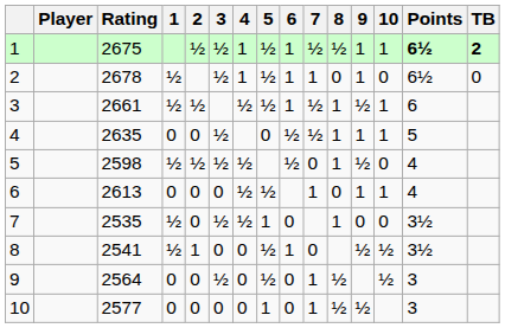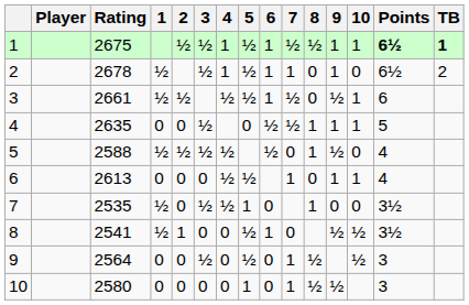 <table class=wikitable>
 <tr>
 <th></th>
 <th>Player</th>
 <th>Rating</th>
 <th>1</th>
 <th>2</th>
 <th>3</th>
 <th>4</th>
 <th>5</th>
 <th>6</th>
 <th>7</th>
 <th>8</th>
 <th>9</th>
 <th>10</th>
 <th>Points</th>
 <th>TB</th>
 </tr>
 <tr style="background:#ccffcc">
 <td>1</td>
 <td><strong></strong></td>
 <td>2675</td>
 <td></td>
 <td>½</td>
 <td>½</td>
 <td>1</td>
 <td>½</td>
 <td>1</td>
 <td>½</td>
 <td>½</td>
 <td>1</td>
 <td>1</td>
 <td><strong>6½</strong></td>
-<td><strong>2</strong></td>
+<td><strong>1</strong></td>
 </tr>
 <tr>
 <td>2</td>
 <td></td>
 <td>2678</td>
 <td>½</td>
 <td></td>
 <td>½</td>
 <td>1</td>
 <td>½</td>
 <td>1</td>
 <td>1</td>
 <td>0</td>
 <td>1</td>
 <td>0</td>
 <td>6½</td>
-<td>0</td>
+<td>2</td>
 </tr>
 <tr>
 <td>3</td>
 <td></td>
 <td>2661</td>
 <td>½</td>
 <td>½</td>
 <td></td>
 <td>½</td>
 <td>½</td>
 <td>1</td>
 <td>½</td>
-<td>1</td>
+<td>0</td>
 <td>½</td>
 <td>1</td>
 <td>6</td>
 <td></td>
 </tr>
 <tr>
 <td>4</td>
 <td></td>
 <td>2635</td>
 <td>0</td>
 <td>0</td>
 <td>½</td>
 <td></td>
 <td>0</td>
 <td>½</td>
 <td>½</td>
 <td>1</td>
 <td>1</td>
 <td>1</td>
 <td>5</td>
 <td></td>
 </tr>
 <tr>
 <td>5</td>
 <td></td>
-<td>2598</td>
+<td>2588</td>
 <td>½</td>
 <td>½</td>
 <td>½</td>
 <td>½</td>
 <td></td>
 <td>½</td>
 <td>0</td>
 <td>1</td>
 <td>½</td>
 <td>0</td>
 <td>4</td>
 <td></td>
 </tr>
 <tr>
 <td>6</td>
 <td></td>
 <td>2613</td>
 <td>0</td>
 <td>0</td>
 <td>0</td>
 <td>½</td>
 <td>½</td>
 <td></td>
 <td>1</td>
 <td>0</td>
 <td>1</td>
 <td>1</td>
 <td>4</td>
 <td></td>
 </tr>
 <tr>
 <td>7</td>
 <td></td>
 <td>2535</td>
 <td>½</td>
 <td>0</td>
 <td>½</td>
 <td>½</td>
 <td>1</td>
 <td>0</td>
 <td></td>
 <td>1</td>
 <td>0</td>
 <td>0</td>
 <td>3½</td>
 <td></td>
 </tr>
 <tr>
 <td>8</td>
 <td></td>
 <td>2541</td>
 <td>½</td>
 <td>1</td>
 <td>0</td>
 <td>0</td>
 <td>½</td>
 <td>1</td>
 <td>0</td>
 <td></td>
 <td>½</td>
 <td>½</td>
 <td>3½</td>
 <td></td>
 </tr>
 <tr>
 <td>9</td>
 <td></td>
 <td>2564</td>
 <td>0</td>
 <td>0</td>
 <td>½</td>
 <td>0</td>
 <td>½</td>
 <td>0</td>
 <td>1</td>
 <td>½</td>
 <td></td>
 <td>½</td>
 <td>3</td>
 <td></td>
 </tr>
 <tr>
 <td>10</td>
 <td></td>
-<td>2577</td>
+<td>2580</td>
 <td>0</td>
 <td>0</td>
 <td>0</td>
 <td>0</td>
 <td>1</td>
 <td>0</td>
 <td>1</td>
 <td>½</td>
 <td>½</td>
 <td></td>
 <td>3</td>
 <td></td>
 </tr>
 </table>
